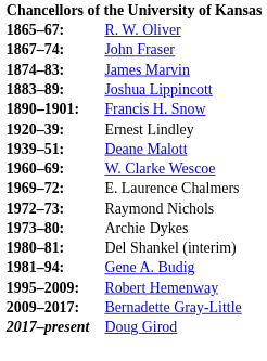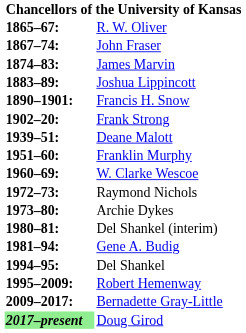 <table class="toccolours" style="float: right; margin-left: 1em; font-size: 100%;" cellspacing="1">
 <tr>
 <th colspan="2" style="text-align: center; ">Chancellors of the University of Kansas</th>
 </tr>
 <tr>
 <td><strong>1865–67:</strong>  </td>
 <td><a href='#'>R. W. Oliver</a></td>
 </tr>
 <tr>
 <td><strong>1867–74:</strong></td>
 <td><a href='#'>John Fraser</a></td>
 </tr>
 <tr>
 <td><strong>1874–83:</strong></td>
 <td><a href='#'>James Marvin</a></td>
 </tr>
 <tr>
 <td><strong>1883–89:</strong></td>
 <td><a href='#'>Joshua Lippincott</a></td>
 </tr>
 <tr>
 <td><strong>1890–1901:</strong></td>
 <td><a href='#'>Francis H. Snow</a></td>
 </tr>
 <tr>
-<td><strong>1920–39:</strong></td>
-<td>Ernest Lindley</td>
+<td><strong>1902–20:</strong></td>
+<td><a href='#'>Frank Strong</a></td>
 </tr>
 <tr>
 <td><strong>1939–51:</strong></td>
 <td><a href='#'>Deane Malott</a></td>
 </tr>
 <tr>
+<td><strong>1951–60:</strong></td>
+<td><a href='#'>Franklin Murphy</a></td>
+</tr>
+<tr>
 <td><strong>1960–69:</strong></td>
 <td><a href='#'>W. Clarke Wescoe</a></td>
-</tr>
-<tr>
-<td><strong>1969–72:</strong></td>
-<td>E. Laurence Chalmers</td>
 </tr>
 <tr>
 <td><strong>1972–73:</strong></td>
 <td>Raymond Nichols</td>
 </tr>
 <tr>
 <td><strong>1973–80:</strong></td>
 <td>Archie Dykes</td>
 </tr>
 <tr>
 <td><strong>1980–81:</strong></td>
 <td>Del Shankel (interim)</td>
 </tr>
 <tr>
 <td><strong>1981–94:</strong></td>
 <td><a href='#'>Gene A. Budig</a></td>
 </tr>
 <tr>
+<td><strong>1994–95:</strong></td>
+<td>Del Shankel</td>
+</tr>
+<tr>
 <td><strong>1995–2009:</strong></td>
 <td><a href='#'>Robert Hemenway</a></td>
 </tr>
 <tr>
 <td><strong>2009–2017:</strong></td>
 <td><a href='#'>Bernadette Gray-Little</a></td>
 </tr>
 <tr>
-<td><strong><em>2017–present</em></strong></td>
+<td style="background: lightgreen;"><strong><em>2017–present</em></strong></td>
 <td><a href='#'>Doug Girod</a></td>
 </tr>
 </table>
